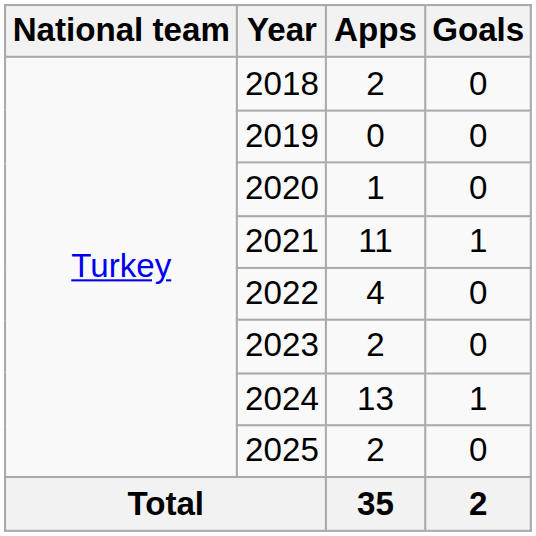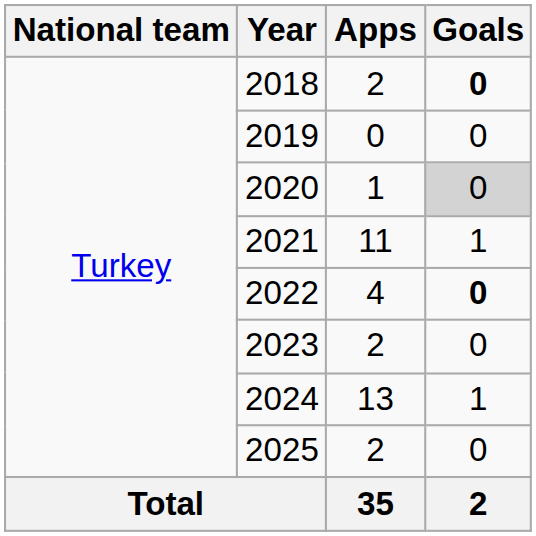 <table class="wikitable" style="text-align:center">
 <tr>
 <th>National team</th>
 <th>Year</th>
 <th>Apps</th>
 <th>Goals</th>
 </tr>
 <tr>
 <td rowspan="8"><a href='#'>Turkey</a></td>
 <td>2018</td>
 <td>2</td>
-<td>0</td>
+<td><strong>0</strong></td>
 </tr>
 <tr>
 <td>2019</td>
 <td>0</td>
 <td>0</td>
 </tr>
 <tr>
 <td>2020</td>
 <td>1</td>
-<td>0</td>
+<td style="background: lightgrey;">0</td>
 </tr>
 <tr>
 <td>2021</td>
 <td>11</td>
 <td>1</td>
 </tr>
 <tr>
 <td>2022</td>
 <td>4</td>
-<td>0</td>
+<td><strong>0</strong></td>
 </tr>
 <tr>
 <td>2023</td>
 <td>2</td>
 <td>0</td>
 </tr>
 <tr>
 <td>2024</td>
 <td>13</td>
 <td>1</td>
 </tr>
 <tr>
 <td>2025</td>
 <td>2</td>
 <td>0</td>
 </tr>
 <tr>
 <th colspan="2">Total</th>
 <th>35</th>
 <th>2</th>
 </tr>
 </table>
